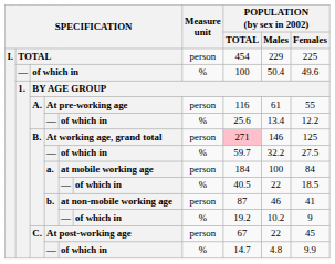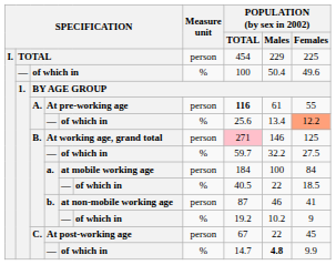 <table class="wikitable" style="font-size:85%; text-align:center">
 <tr>
 <th rowspan="2" colspan="6">SPECIFICATION</th>
 <th rowspan="2">Measure<br> unit</th>
 <th colspan="3" rowspan="1">POPULATION<br> (by sex in 2002)</th>
 </tr>
 <tr>
 <th>TOTAL</th>
 <th>Males</th>
 <th>Females</th>
 </tr>
 <tr>
 <th style="text-align:left" valign="top" rowspan="13">I.</th>
 <th style="text-align:left" colspan="5">TOTAL</th>
 <td>person</td>
 <td>454</td>
 <td>229</td>
 <td>225</td>
 </tr>
 <tr>
 <th style="text-align:left" valign="top">—</th>
 <th style="text-align:left" colspan="4">of which in</th>
 <td>%</td>
 <td>100</td>
 <td>50.4</td>
 <td>49.6</td>
 </tr>
 <tr>
 <th style="text-align:left" valign="top" rowspan="11">1.</th>
 <th style="text-align:left" colspan="19">BY AGE GROUP</th>
 </tr>
 <tr>
 <th style="text-align:left" valign="top" rowspan="2">A.</th>
 <th style="text-align:left" colspan="3">At pre-working age</th>
 <td>person</td>
-<td>116</td>
+<td><strong>116</strong></td>
 <td>61</td>
 <td>55</td>
 </tr>
 <tr>
 <th style="text-align:left" valign="top">—</th>
 <th style="text-align:left" valign="top" colspan="2">of which in</th>
 <td>%</td>
 <td>25.6</td>
 <td>13.4</td>
-<td>12.2</td>
+<td style="background: lightsalmon;">12.2</td>
 </tr>
 <tr>
 <th style="text-align:left" valign="top" rowspan="6">B.</th>
 <th style="text-align:left" colspan="3">At working age, grand total</th>
 <td>person</td>
 <td style="background: pink;">271</td>
 <td>146</td>
 <td>125</td>
 </tr>
 <tr>
 <th style="text-align:left" valign="top">—</th>
 <th style="text-align:left" valign="top" colspan="2">of which in</th>
 <td>%</td>
 <td>59.7</td>
 <td>32.2</td>
 <td>27.5</td>
 </tr>
 <tr>
 <th style="text-align:left" valign="top" rowspan="2">a.</th>
 <th style="text-align:left" colspan="2">at mobile working age</th>
 <td>person</td>
 <td>184</td>
 <td>100</td>
 <td>84</td>
 </tr>
 <tr>
 <th style="text-align:left" valign="top">—</th>
 <th style="text-align:left" valign="top" colspan="1">of which in                        </th>
 <td>%</td>
 <td>40.5</td>
 <td>22</td>
 <td>18.5</td>
 </tr>
 <tr>
 <th style="text-align:left" valign="top" rowspan="2">b.</th>
 <th style="text-align:left" colspan="2">at non-mobile working age</th>
 <td>person</td>
 <td>87</td>
 <td>46</td>
 <td>41</td>
 </tr>
 <tr>
 <th style="text-align:left" valign="top">—</th>
 <th style="text-align:left" valign="top" colspan="1">of which in                        </th>
 <td>%</td>
 <td>19.2</td>
 <td>10.2</td>
 <td>9</td>
 </tr>
 <tr>
 <th style="text-align:left" valign="top" rowspan="2">C.</th>
 <th style="text-align:left" colspan="3">At post-working age</th>
 <td>person</td>
 <td>67</td>
 <td>22</td>
 <td>45</td>
 </tr>
 <tr>
 <th style="text-align:left" valign="top">—</th>
 <th style="text-align:left" valign="top" colspan="2">of which in</th>
 <td>%</td>
 <td>14.7</td>
-<td>4.8</td>
+<td><strong>4.8</strong></td>
 <td>9.9</td>
 </tr>
 </table>
